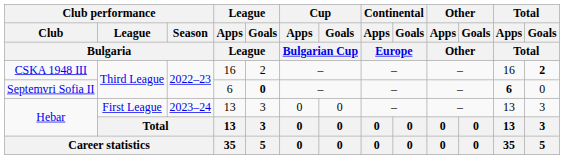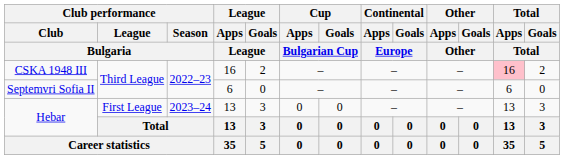 <table class="wikitable" style="text-align: center">
 <tr>
 <th Colspan="3">Club performance</th>
 <th Colspan="2">League</th>
 <th Colspan="2">Cup</th>
 <th Colspan="2">Continental</th>
 <th Colspan="2">Other</th>
 <th Colspan="3">Total</th>
 </tr>
 <tr>
 <th>Club</th>
 <th>League</th>
 <th>Season</th>
 <th>Apps</th>
 <th>Goals</th>
 <th>Apps</th>
 <th>Goals</th>
 <th>Apps</th>
 <th>Goals</th>
 <th>Apps</th>
 <th>Goals</th>
 <th>Apps</th>
 <th>Goals</th>
 </tr>
 <tr>
 <th Colspan="3">Bulgaria</th>
 <th Colspan="2">League</th>
 <th Colspan="2"><a href='#'>Bulgarian Cup</a></th>
 <th Colspan="2"><a href='#'>Europe</a></th>
 <th Colspan="2">Other</th>
 <th Colspan="2">Total</th>
 </tr>
 <tr>
 <td rowspan="1" valign="center"><a href='#'>CSKA 1948 III</a></td>
 <td rowspan="2"><a href='#'>Third League</a></td>
 <td rowspan="2"><a href='#'>2022–23</a></td>
 <td>16</td>
 <td>2</td>
 <td colspan="2">–</td>
 <td colspan="2">–</td>
 <td colspan="2">–</td>
-<td>16</td>
-<td><strong>2</strong></td>
+<td style="background: pink;">16</td>
+<td>2</td>
 </tr>
 <tr>
 <td rowspan="1" valign="center"><a href='#'>Septemvri Sofia II</a></td>
 <td>6</td>
-<td><strong>0</strong></td>
+<td>0</td>
 <td colspan="2">–</td>
 <td colspan="2">–</td>
 <td colspan="2">–</td>
-<td><strong>6</strong></td>
+<td>6</td>
 <td>0</td>
 </tr>
 <tr>
 <td rowspan="2" valign="center"><a href='#'>Hebar</a></td>
 <td rowspan="1"><a href='#'>First League</a></td>
 <td><a href='#'>2023–24</a></td>
 <td>13</td>
 <td>3</td>
 <td>0</td>
 <td>0</td>
 <td colspan="2">–</td>
 <td colspan="2">–</td>
 <td>13</td>
 <td>3</td>
 </tr>
 <tr>
 <th colspan=2>Total</th>
 <th>13</th>
 <th>3</th>
 <th>0</th>
 <th>0</th>
 <th>0</th>
 <th>0</th>
 <th>0</th>
 <th>0</th>
 <th>13</th>
 <th>3</th>
 </tr>
 <tr>
 <th colspan="3">Career statistics</th>
 <th>35</th>
 <th>5</th>
 <th>0</th>
 <th>0</th>
 <th>0</th>
 <th>0</th>
 <th>0</th>
 <th>0</th>
 <th>35</th>
 <th>5</th>
 </tr>
 </table>
